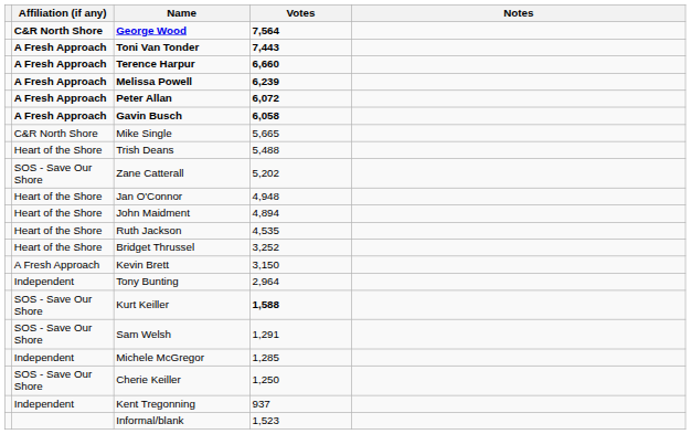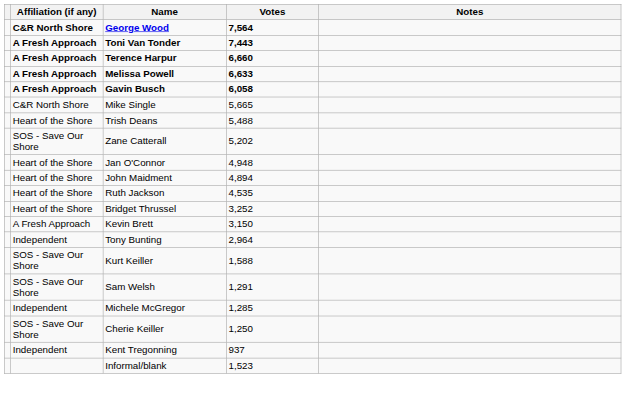 <table class="wikitable" style="width:51%;">
 <tr>
 <th style="width:1%;"></th>
 <th style="width:15%;">Affiliation (if any)</th>
 <th style="width:20%;">Name</th>
 <th style="width:15%;">Votes</th>
 <th>Notes</th>
 </tr>
 <tr>
 <td bgcolor=></td>
 <td><strong>C&R North Shore</strong></td>
 <td><strong><a href='#'>George Wood</a></strong></td>
 <td><strong>7,564</strong></td>
 <td></td>
 </tr>
 <tr>
 <td bgcolor=></td>
 <td><strong>A Fresh Approach</strong></td>
 <td><strong>Toni Van Tonder</strong></td>
 <td><strong>7,443</strong></td>
 <td></td>
 </tr>
 <tr>
 <td bgcolor=></td>
 <td><strong>A Fresh Approach</strong></td>
 <td><strong>Terence Harpur</strong></td>
 <td><strong>6,660</strong></td>
 <td></td>
 </tr>
 <tr>
 <td></td>
 <td><strong>A Fresh Approach</strong></td>
 <td><strong>Melissa Powell</strong></td>
-<td><strong>6,239</strong></td>
-<td></td>
-</tr>
-<tr>
-<td></td>
-<td><strong>A Fresh Approach</strong></td>
-<td><strong>Peter Allan</strong></td>
-<td><strong>6,072</strong></td>
+<td><strong>6,633</strong></td>
 <td></td>
 </tr>
 <tr>
 <td></td>
 <td><strong>A Fresh Approach</strong></td>
 <td><strong>Gavin Busch</strong></td>
 <td><strong>6,058</strong></td>
 <td></td>
 </tr>
 <tr>
 <td bgcolor=></td>
 <td>C&R North Shore</td>
 <td>Mike Single</td>
 <td>5,665</td>
 <td></td>
 </tr>
 <tr>
 <td bgcolor=></td>
 <td>Heart of the Shore</td>
 <td>Trish Deans</td>
 <td>5,488</td>
 <td></td>
 </tr>
 <tr>
 <td bgcolor=></td>
 <td>SOS - Save Our Shore</td>
 <td>Zane Catterall</td>
 <td>5,202</td>
 <td></td>
 </tr>
 <tr>
 <td bgcolor=></td>
 <td>Heart of the Shore</td>
 <td>Jan O'Connor</td>
 <td>4,948</td>
 <td></td>
 </tr>
 <tr>
 <td bgcolor=></td>
 <td>Heart of the Shore</td>
 <td>John Maidment</td>
 <td>4,894</td>
 <td></td>
 </tr>
 <tr>
 <td bgcolor=></td>
 <td>Heart of the Shore</td>
 <td>Ruth Jackson</td>
 <td>4,535</td>
 <td></td>
 </tr>
 <tr>
 <td bgcolor=></td>
 <td>Heart of the Shore</td>
 <td>Bridget Thrussel</td>
 <td>3,252</td>
 <td></td>
 </tr>
 <tr>
 <td bgcolor=></td>
 <td>A Fresh Approach</td>
 <td>Kevin Brett</td>
 <td>3,150</td>
 <td></td>
 </tr>
 <tr>
 <td bgcolor=></td>
 <td>Independent</td>
 <td>Tony Bunting</td>
 <td>2,964</td>
 <td></td>
 </tr>
 <tr>
 <td bgcolor=></td>
 <td>SOS - Save Our Shore</td>
 <td>Kurt Keiller</td>
-<td><strong>1,588</strong></td>
+<td>1,588</td>
 <td></td>
 </tr>
 <tr>
 <td bgcolor=></td>
 <td>SOS - Save Our Shore</td>
 <td>Sam Welsh</td>
 <td>1,291</td>
 <td></td>
 </tr>
 <tr>
 <td></td>
 <td>Independent</td>
 <td>Michele McGregor</td>
 <td>1,285</td>
 <td></td>
 </tr>
 <tr>
 <td></td>
 <td>SOS - Save Our Shore</td>
 <td>Cherie Keiller</td>
 <td>1,250</td>
 <td></td>
 </tr>
 <tr>
 <td bgcolor=></td>
 <td>Independent</td>
 <td>Kent Tregonning</td>
 <td>937</td>
 <td></td>
 </tr>
 <tr>
 <td></td>
 <td></td>
 <td>Informal/blank</td>
 <td>1,523</td>
 <td></td>
 </tr>
 </table>
